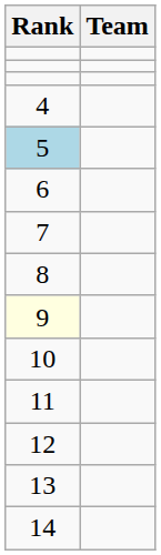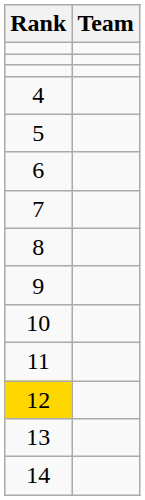 <table class="wikitable sortable" style="text-align:center">
 <tr>
 <th>Rank</th>
 <th>Team</th>
 </tr>
 <tr>
 <td></td>
 <td align="left"></td>
 </tr>
 <tr>
 <td></td>
 <td align="left"></td>
 </tr>
 <tr>
 <td></td>
 <td align="left"></td>
 </tr>
 <tr>
 <td>4</td>
 <td align="left"></td>
 </tr>
 <tr>
-<td style="background: lightblue;">5</td>
+<td>5</td>
 <td align="left"></td>
 </tr>
 <tr>
 <td>6</td>
 <td align="left"></td>
 </tr>
 <tr>
 <td>7</td>
 <td align="left"></td>
 </tr>
 <tr>
 <td>8</td>
 <td align="left"></td>
 </tr>
 <tr>
-<td style="background: lightyellow;">9</td>
+<td>9</td>
 <td align="left"></td>
 </tr>
 <tr>
 <td>10</td>
 <td align="left"></td>
 </tr>
 <tr>
 <td>11</td>
 <td align="left"></td>
 </tr>
 <tr>
-<td>12</td>
+<td style="background: gold;">12</td>
 <td align="left"></td>
 </tr>
 <tr>
 <td>13</td>
 <td align="left"></td>
 </tr>
 <tr>
 <td>14</td>
 <td align="left"></td>
 </tr>
 </table>
